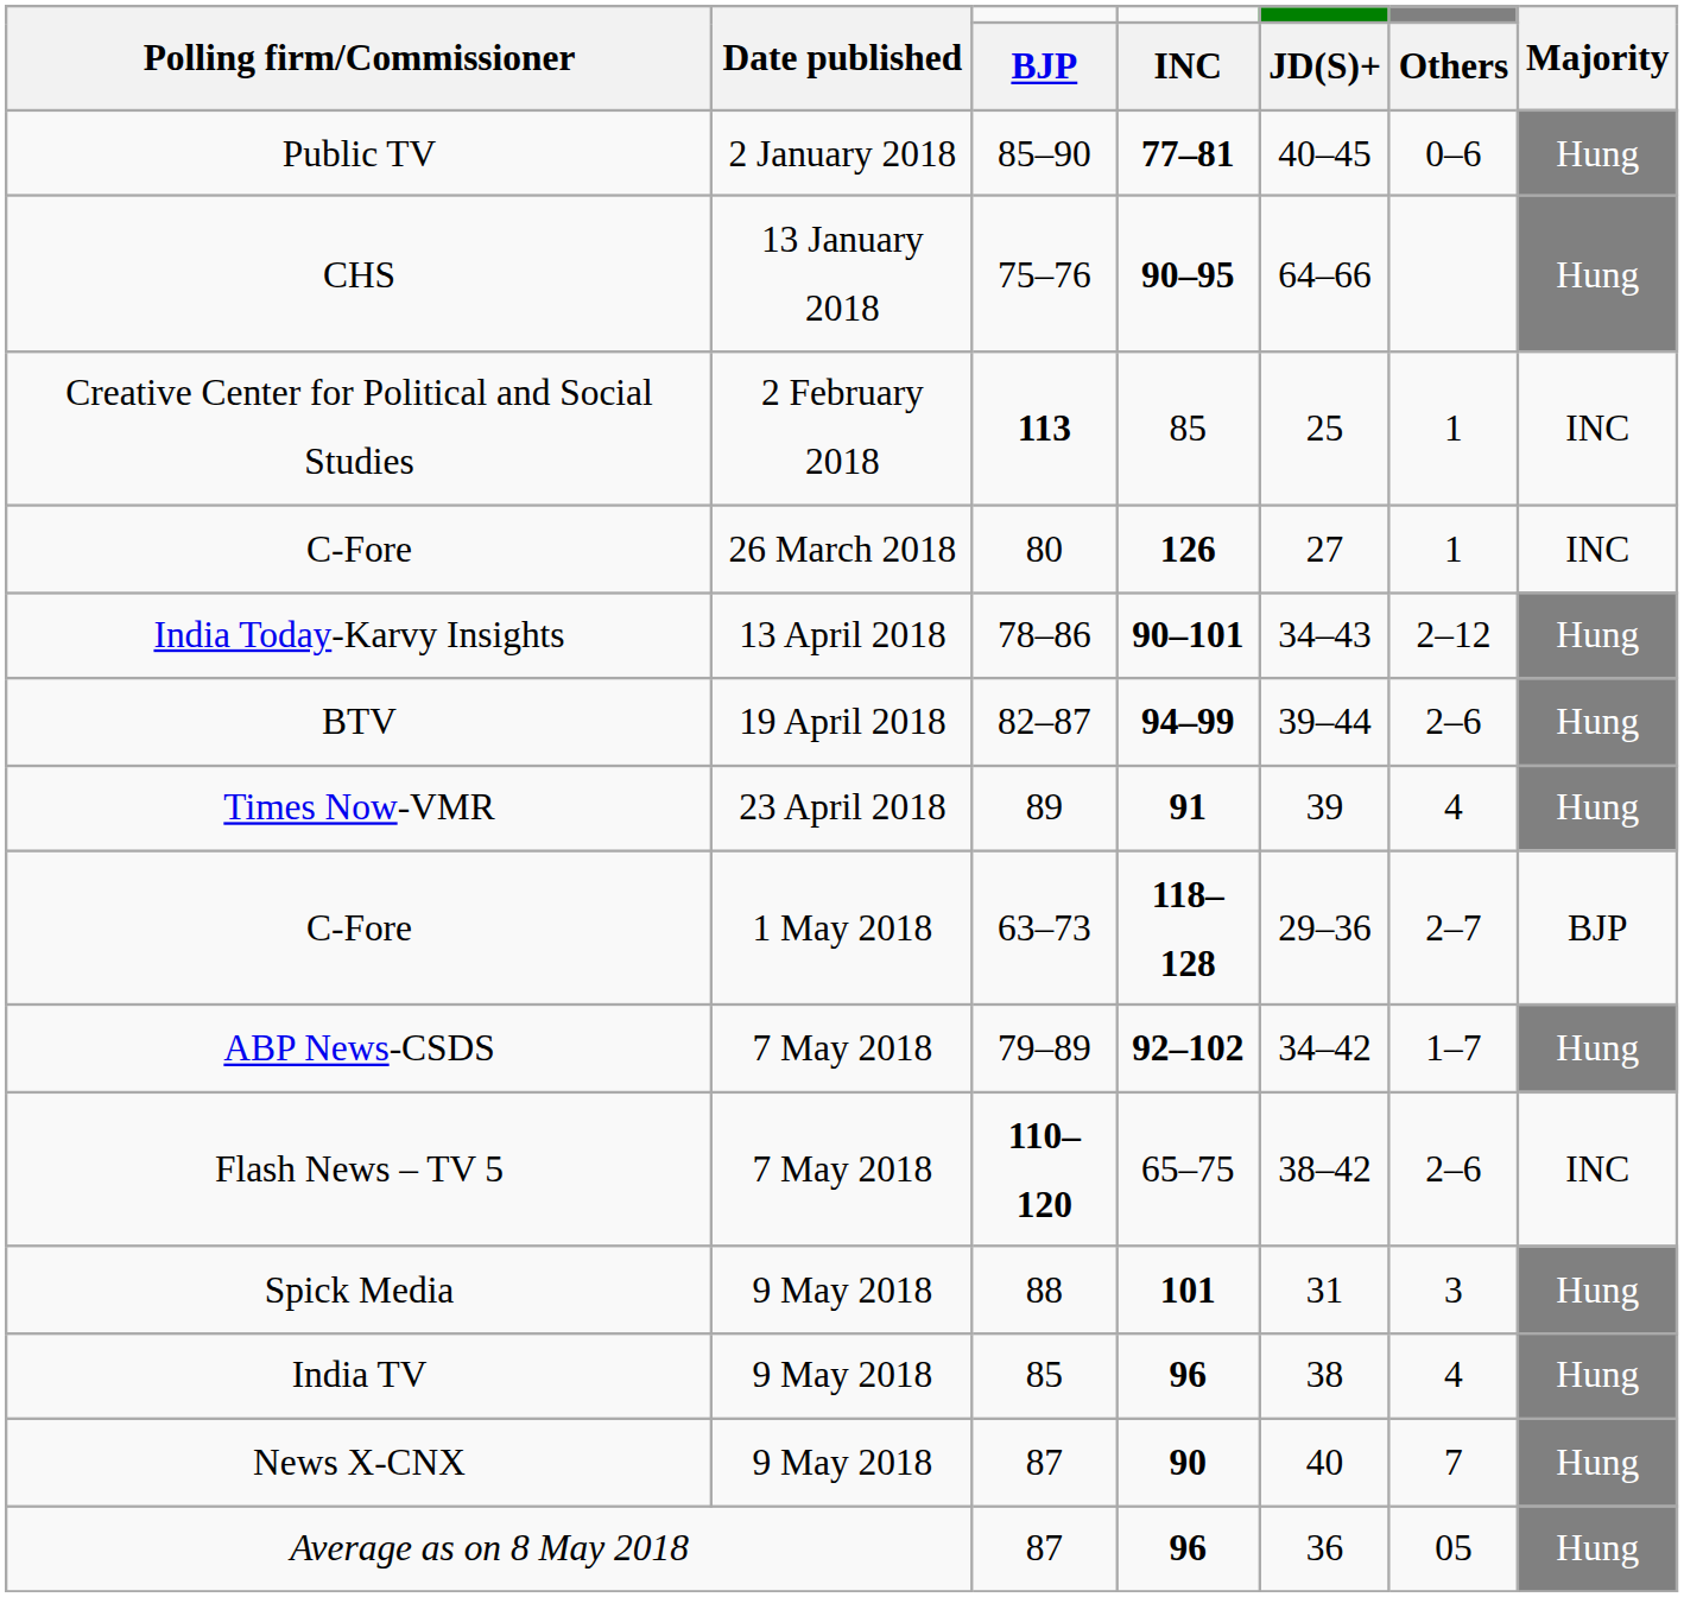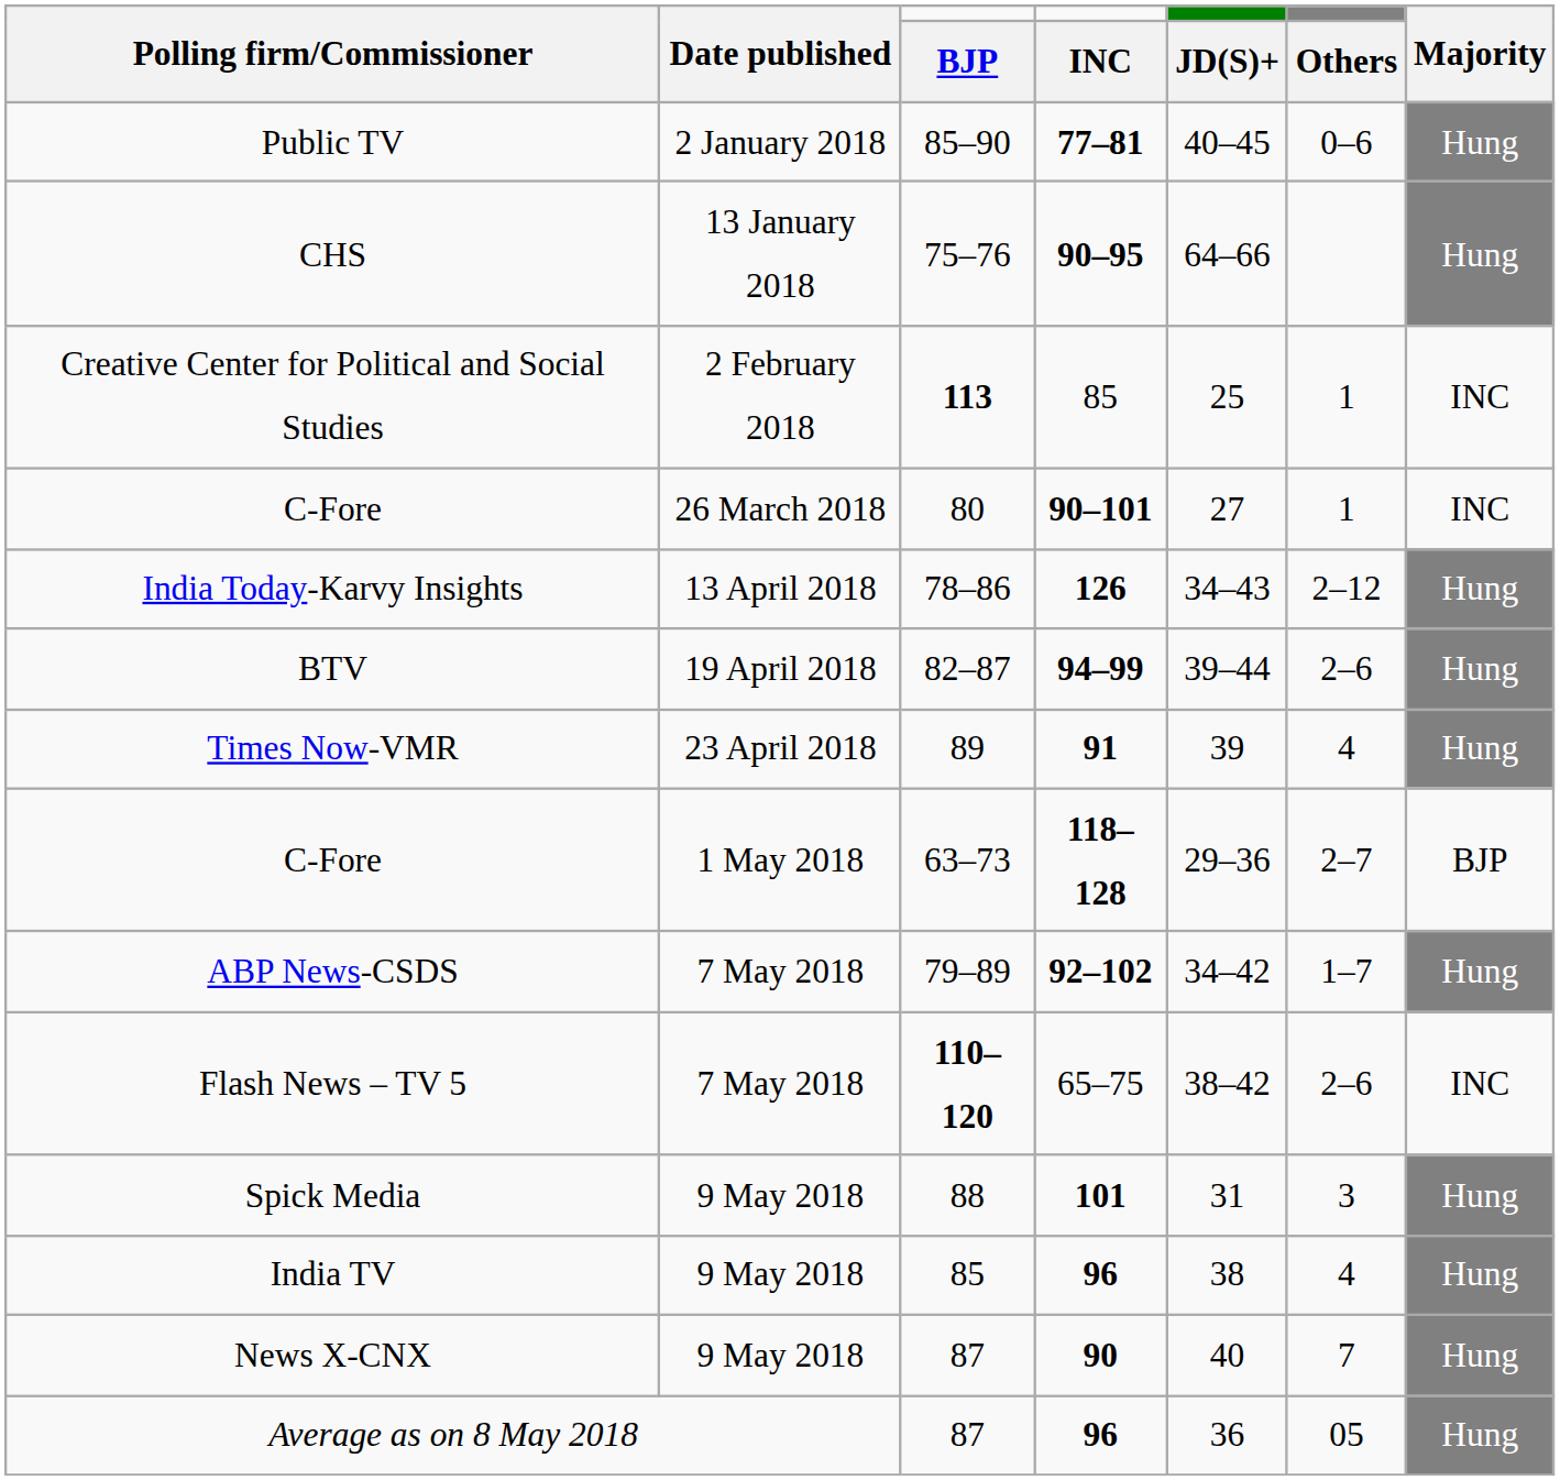 <table class="wikitable collapsible" style="text-align:center;font-size:85%;line-height:25px">
 <tr>
 <th rowspan="2" class="wikitable">Polling firm/Commissioner</th>
 <th rowspan="2" class="wikitable">Date published</th>
 <td></td>
 <td></td>
 <td style="background:green;"></td>
 <td style="background:gray;"></td>
 <th rowspan="2">Majority</th>
 </tr>
 <tr>
 <th class="wikitable"><a href='#'>BJP</a></th>
 <th class="wikitable">INC</th>
 <th class="wikitable">JD(S)+</th>
 <th class="wikitable">Others</th>
 </tr>
 <tr>
 <td>Public TV</td>
 <td>2 January 2018</td>
 <td>85–90</td>
 <td><strong>77–81</strong><br></td>
 <td>40–45</td>
 <td>0–6</td>
 <td style="background:gray; color:white;">Hung</td>
 </tr>
 <tr>
 <td>CHS</td>
 <td>13 January 2018</td>
 <td>75–76<br><strong></strong></td>
 <td><strong>90–95</strong></td>
 <td>64–66<br></td>
 <td></td>
 <td style="background:gray; color:white;">Hung</td>
 </tr>
 <tr>
 <td>Creative Center for Political and Social Studies</td>
 <td>2 February 2018</td>
 <td><strong>113</strong></td>
 <td>85</td>
 <td>25</td>
 <td>1</td>
 <td style="background:">INC</td>
 </tr>
 <tr>
 <td>C-Fore</td>
 <td>26 March 2018</td>
 <td>80<br></td>
-<td><strong>126<br></strong></td>
+<td><strong>90–101<br></strong></td>
 <td>27<br></td>
 <td>1<br></td>
 <td style="background:">INC</td>
 </tr>
 <tr>
 <td><a href='#'>India Today</a>-Karvy Insights</td>
 <td>13 April 2018</td>
 <td>78–86<br></td>
-<td><strong>90–101<br></strong></td>
+<td><strong>126<br></strong></td>
 <td>34–43<br></td>
 <td>2–12<br></td>
 <td style="background:gray; color:white;">Hung</td>
 </tr>
 <tr>
 <td>BTV</td>
 <td>19 April 2018</td>
 <td>82–87<br></td>
 <td><strong>94–99<br></strong></td>
 <td>39–44<br></td>
 <td>2–6<br></td>
 <td style="background:gray; color:white;">Hung</td>
 </tr>
 <tr>
 <td><a href='#'>Times Now</a>-VMR</td>
 <td>23 April 2018</td>
 <td>89<br></td>
 <td><strong>91<br></strong></td>
 <td>39<br></td>
 <td>4<br></td>
 <td style="background:gray; color:white;">Hung</td>
 </tr>
 <tr>
 <td>C-Fore</td>
 <td>1 May 2018</td>
 <td>63–73<br></td>
 <td><strong>118–128<br></strong></td>
 <td>29–36<br></td>
 <td>2–7<br></td>
 <td style="background:">BJP</td>
 </tr>
 <tr>
 <td><a href='#'>ABP News</a>-CSDS</td>
 <td>7 May 2018</td>
 <td>79–89<br></td>
 <td><strong>92–102<br></strong></td>
 <td>34–42<br></td>
 <td>1–7<br></td>
 <td style="background:gray; color:white;">Hung</td>
 </tr>
 <tr>
 <td>Flash News – TV 5</td>
 <td>7 May 2018</td>
 <td><strong>110–120</strong><br><strong></strong></td>
 <td>65–75<br></td>
 <td>38–42<br></td>
 <td>2–6</td>
 <td style="background:">INC</td>
 </tr>
 <tr>
 <td>Spick Media</td>
 <td>9 May 2018</td>
 <td>88<br></td>
 <td><strong>101<br></strong></td>
 <td>31<br></td>
 <td>3<br></td>
 <td style="background:gray; color:white;">Hung</td>
 </tr>
 <tr>
 <td>India TV</td>
 <td>9 May 2018</td>
 <td>85<br></td>
 <td><strong>96<br></strong></td>
 <td>38<br></td>
 <td>4<br></td>
 <td style="background:gray; color:white;">Hung</td>
 </tr>
 <tr>
 <td>News X-CNX</td>
 <td>9 May 2018</td>
 <td>87<br></td>
 <td><strong>90<br></strong></td>
 <td>40<br></td>
 <td>7<br></td>
 <td style="background:gray; color:white;">Hung</td>
 </tr>
 <tr>
 <td colspan="2"><em>Average as on 8 May 2018</em></td>
 <td>87</td>
 <td><strong>96</strong></td>
 <td>36</td>
 <td>05</td>
 <td style="background:gray; color:white;">Hung</td>
 </tr>
 </table>
